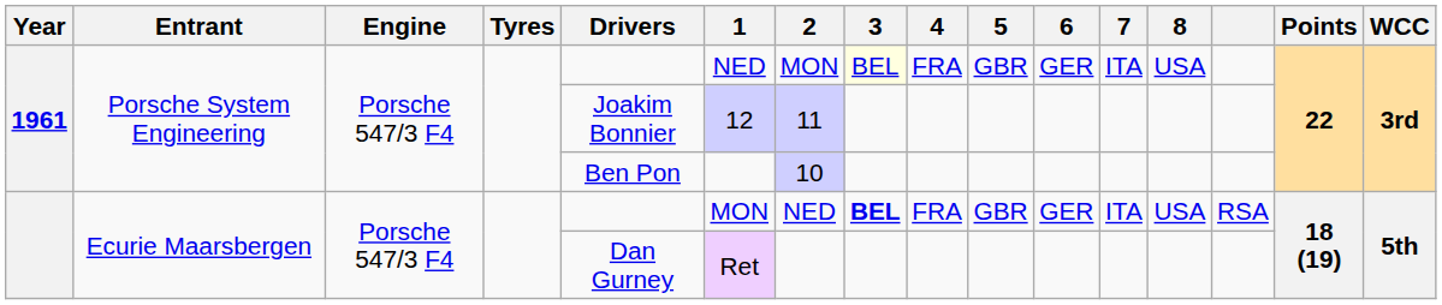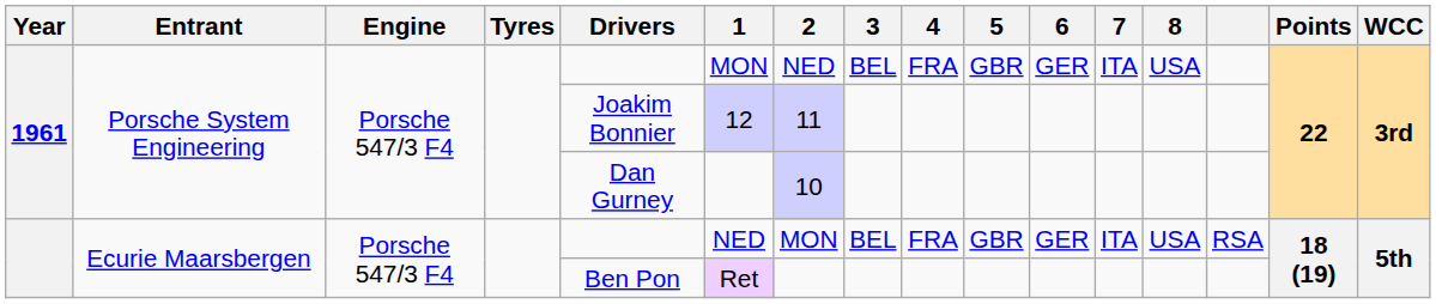 <table class="wikitable" style="text-align:center; font-size:95%">
 <tr>
 <th>Year</th>
 <th>Entrant</th>
 <th>Engine</th>
 <th>Tyres</th>
 <th>Drivers</th>
 <th>1</th>
 <th>2</th>
 <th>3</th>
 <th>4</th>
 <th>5</th>
 <th>6</th>
 <th>7</th>
 <th>8</th>
 <th></th>
 <th>Points</th>
 <th>WCC</th>
 </tr>
 <tr>
 <th rowspan="3"><a href='#'>1961</a></th>
 <td rowspan="3"><a href='#'>Porsche System Engineering</a></td>
 <td rowspan="3"><a href='#'>Porsche</a> 547/3 <a href='#'>F4</a></td>
 <td rowspan="3"></td>
 <td></td>
+<td><a href='#'>MON</a></td>
 <td><a href='#'>NED</a></td>
-<td><a href='#'>MON</a></td>
-<td style="background: lightyellow;"><a href='#'>BEL</a></td>
+<td><a href='#'>BEL</a></td>
 <td><a href='#'>FRA</a></td>
 <td><a href='#'>GBR</a></td>
 <td><a href='#'>GER</a></td>
 <td><a href='#'>ITA</a></td>
 <td><a href='#'>USA</a></td>
 <td></td>
 <th rowspan="3" style="background:#ffdf9f;">22</th>
 <th rowspan="3" style="background:#ffdf9f;">3rd</th>
 </tr>
 <tr>
 <td><a href='#'>Joakim Bonnier</a></td>
 <td style="background:#CFCFFF">12</td>
 <td style="background:#CFCFFF">11</td>
 <td></td>
 <td></td>
 <td></td>
 <td></td>
 <td></td>
 <td></td>
 </tr>
 <tr>
-<td><a href='#'>Ben Pon</a></td>
+<td><a href='#'>Dan Gurney</a></td>
 <td></td>
 <td style="background:#CFCFFF">10</td>
 <td></td>
 <td></td>
 <td></td>
 <td></td>
 <td></td>
 <td></td>
 <td></td>
 </tr>
 <tr>
 <th rowspan="2"></th>
 <td rowspan="2"><a href='#'>Ecurie Maarsbergen</a></td>
 <td rowspan="2"><a href='#'>Porsche</a> 547/3 <a href='#'>F4</a></td>
 <td rowspan="2"></td>
 <td></td>
+<td><a href='#'>NED</a></td>
 <td><a href='#'>MON</a></td>
-<td><a href='#'>NED</a></td>
-<td><strong><a href='#'>BEL</a></strong></td>
+<td><a href='#'>BEL</a></td>
 <td><a href='#'>FRA</a></td>
 <td><a href='#'>GBR</a></td>
 <td><a href='#'>GER</a></td>
 <td><a href='#'>ITA</a></td>
 <td><a href='#'>USA</a></td>
 <td><a href='#'>RSA</a></td>
 <th rowspan="2">18 (19)</th>
 <th rowspan="2">5th</th>
 </tr>
 <tr>
-<td><a href='#'>Dan Gurney</a></td>
+<td><a href='#'>Ben Pon</a></td>
 <td style="background:#EFCFFF;">Ret</td>
 <td></td>
 <td></td>
 <td></td>
 <td></td>
 <td></td>
 <td></td>
 <td></td>
 <td></td>
 </tr>
 </table>
